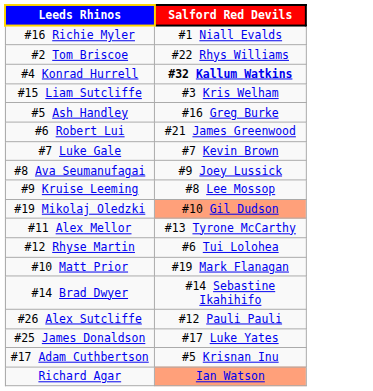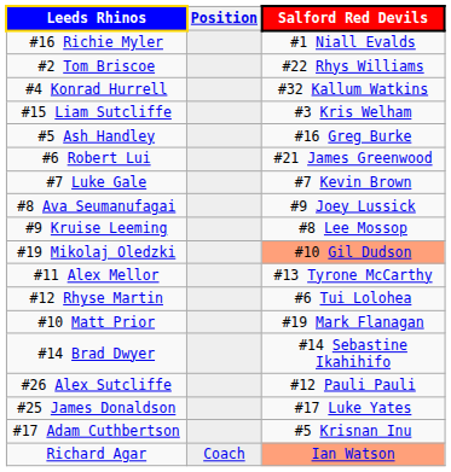 <table class="wikitable" style= "font-size:90%; text-align:center;">
 <tr>
 <th align="centre" width="146" style="background:blue; color:white; border:2px solid gold;">Leeds Rhinos</th>
+<th><a href='#'>Position</a></th>
 <th style="width:148px; background:red; color:white; border:2px solid black;">Salford Red Devils</th>
 </tr>
 <tr>
 <td>#16 <a href='#'>Richie Myler</a></td>
+<td style="background:#eee;"></td>
 <td>#1 <a href='#'>Niall Evalds</a></td>
 </tr>
 <tr>
 <td>#2 <a href='#'>Tom Briscoe</a></td>
+<td style="background:#eee;"></td>
 <td>#22 <a href='#'>Rhys Williams</a></td>
 </tr>
 <tr>
 <td>#4 <a href='#'>Konrad Hurrell</a></td>
-<td><strong>#32 <a href='#'>Kallum Watkins</a></strong></td>
+<td style="background:#eee;"></td>
+<td>#32 <a href='#'>Kallum Watkins</a></td>
 </tr>
 <tr>
 <td>#15 <a href='#'>Liam Sutcliffe</a></td>
+<td style="background:#eee;"></td>
 <td>#3 <a href='#'>Kris Welham</a></td>
 </tr>
 <tr>
 <td>#5 <a href='#'>Ash Handley</a></td>
+<td style="background:#eee;"></td>
 <td>#16 <a href='#'>Greg Burke</a></td>
 </tr>
 <tr>
 <td>#6 <a href='#'>Robert Lui</a></td>
+<td style="background:#eee;"></td>
 <td>#21 <a href='#'>James Greenwood</a></td>
 </tr>
 <tr>
 <td>#7 <a href='#'>Luke Gale</a></td>
+<td style="background:#eee;"></td>
 <td>#7 <a href='#'>Kevin Brown</a></td>
 </tr>
 <tr>
 <td>#8 <a href='#'>Ava Seumanufagai</a></td>
+<td style="background:#eee;"></td>
 <td>#9 <a href='#'>Joey Lussick</a></td>
 </tr>
 <tr>
 <td>#9 <a href='#'>Kruise Leeming</a></td>
+<td style="background:#eee;"></td>
 <td>#8 <a href='#'>Lee Mossop</a></td>
 </tr>
 <tr>
 <td>#19 <a href='#'>Mikolaj Oledzki</a></td>
+<td style="background:#eee;"></td>
 <td style="background: lightsalmon;">#10 <a href='#'>Gil Dudson</a></td>
 </tr>
 <tr>
 <td>#11 <a href='#'>Alex Mellor</a></td>
+<td style="background:#eee;"></td>
 <td>#13 <a href='#'>Tyrone McCarthy</a></td>
 </tr>
 <tr>
 <td>#12 <a href='#'>Rhyse Martin</a></td>
+<td style="background:#eee;"></td>
 <td>#6 <a href='#'>Tui Lolohea</a></td>
 </tr>
 <tr>
 <td>#10 <a href='#'>Matt Prior</a></td>
+<td style="background:#eee;"></td>
 <td>#19 <a href='#'>Mark Flanagan</a></td>
 </tr>
 <tr>
 <td>#14 <a href='#'>Brad Dwyer</a></td>
+<td style="background:#eee;"></td>
 <td>#14 <a href='#'>Sebastine Ikahihifo</a></td>
 </tr>
 <tr>
 <td>#26 <a href='#'>Alex Sutcliffe</a></td>
+<td style="background:#eee;"></td>
 <td>#12 <a href='#'>Pauli Pauli</a></td>
 </tr>
 <tr>
 <td>#25 <a href='#'>James Donaldson</a></td>
+<td style="background:#eee;"></td>
 <td>#17 <a href='#'>Luke Yates</a></td>
 </tr>
 <tr>
 <td>#17 <a href='#'>Adam Cuthbertson</a></td>
+<td style="background:#eee;"></td>
 <td>#5 <a href='#'>Krisnan Inu</a></td>
 </tr>
 <tr>
 <td><a href='#'>Richard Agar</a></td>
+<td style="background:#eee;"><a href='#'>Coach</a></td>
 <td style="background: lightsalmon;"><a href='#'>Ian Watson</a></td>
 </tr>
 </table>
